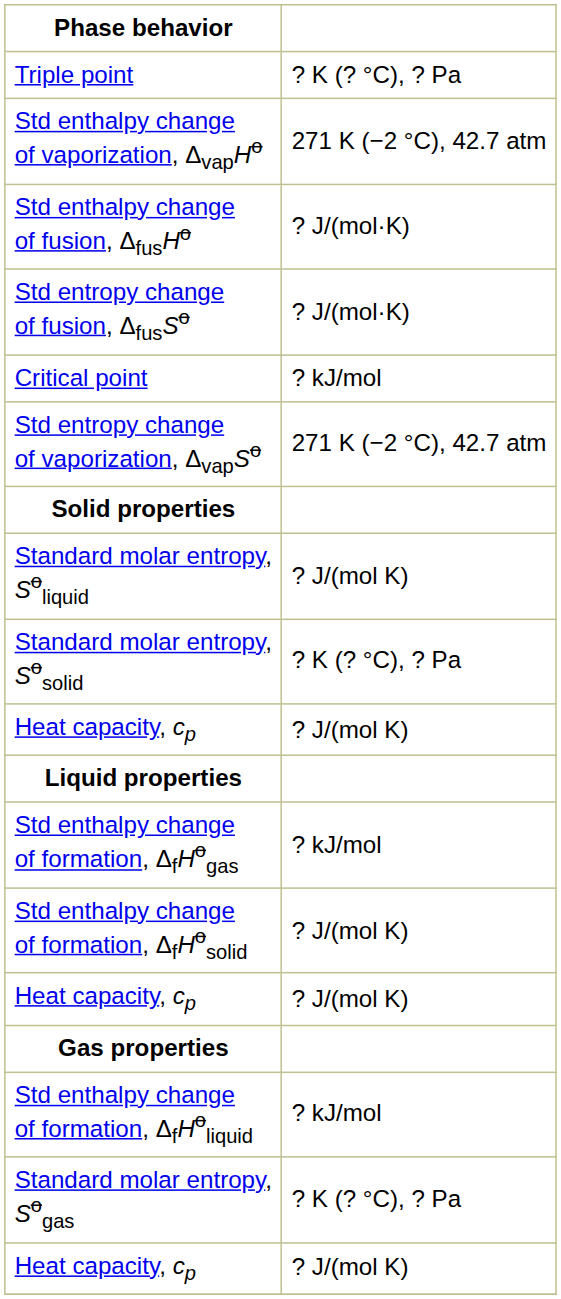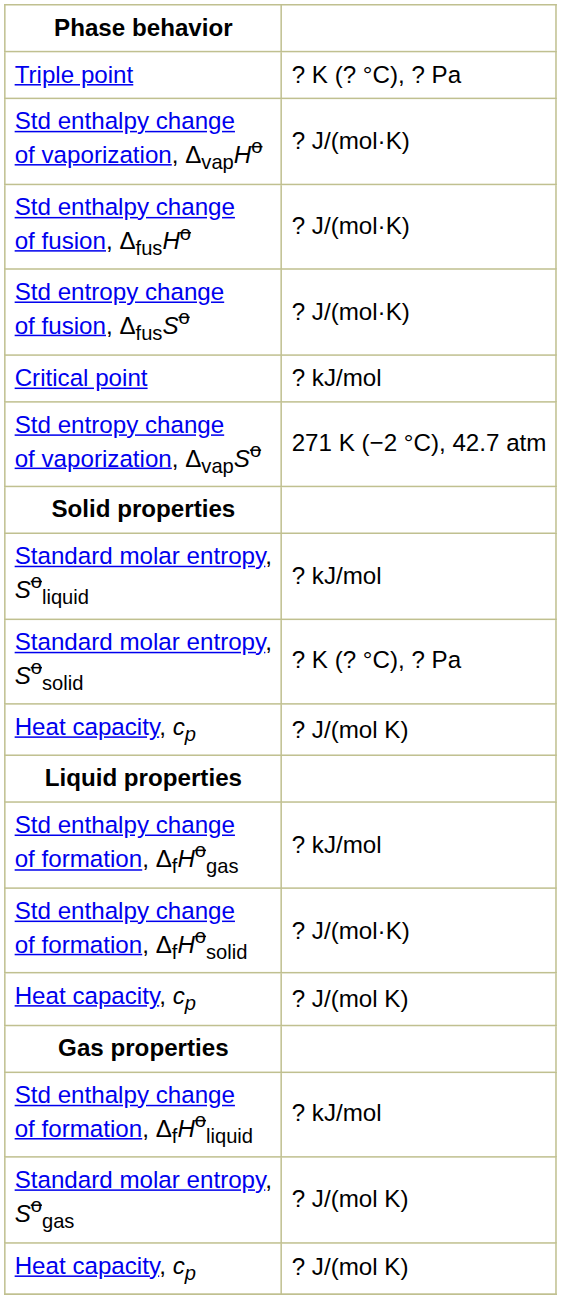 <table border="1" cellspacing="0" cellpadding="6" style="margin: 0 0 0 0.5em; background: #FFFFFF; border-collapse: collapse; border-color: #C0C090;">
 <tr>
 <th>Phase behavior</th>
 </tr>
 <tr>
 <td><a href='#'>Triple point</a></td>
 <td>? K (? °C), ? Pa</td>
 </tr>
 <tr>
 <td><a href='#'>Std enthalpy change<br>of vaporization</a>, Δ<sub>vap</sub><em>H</em><sup><s>o</s></sup></td>
-<td>271 K (−2 °C), 42.7 atm</td>
+<td>? J/(mol·K)</td>
 </tr>
 <tr>
 <td><a href='#'>Std enthalpy change<br>of fusion</a>, Δ<sub>fus</sub><em>H</em><sup><s>o</s></sup></td>
 <td>? J/(mol·K)</td>
 </tr>
 <tr>
 <td><a href='#'>Std entropy change<br>of fusion</a>, Δ<sub>fus</sub><em>S</em><sup><s>o</s></sup></td>
 <td>? J/(mol·K)</td>
 </tr>
 <tr>
 <td><a href='#'>Critical point</a></td>
 <td>? kJ/mol</td>
 </tr>
 <tr>
 <td><a href='#'>Std entropy change<br>of vaporization</a>, Δ<sub>vap</sub><em>S</em><sup><s>o</s></sup></td>
 <td>271 K (−2 °C), 42.7 atm</td>
 </tr>
 <tr>
 <th>Solid properties</th>
 </tr>
 <tr>
 <td><a href='#'>Standard molar entropy</a>,<br><em>S</em><sup><s>o</s></sup><sub>liquid</sub></td>
-<td>? J/(mol K)</td>
+<td>? kJ/mol</td>
 </tr>
 <tr>
 <td><a href='#'>Standard molar entropy</a>,<br><em>S</em><sup><s>o</s></sup><sub>solid</sub></td>
 <td>? K (? °C), ? Pa</td>
 </tr>
 <tr>
 <td><a href='#'>Heat capacity</a>, <em>c<sub>p</sub></em></td>
 <td>? J/(mol K)</td>
 </tr>
 <tr>
 <th>Liquid properties</th>
 </tr>
 <tr>
 <td><a href='#'>Std enthalpy change<br>of formation</a>, Δ<sub>f</sub><em>H</em><sup><s>o</s></sup><sub>gas</sub></td>
 <td>? kJ/mol</td>
 </tr>
 <tr>
 <td><a href='#'>Std enthalpy change<br>of formation</a>, Δ<sub>f</sub><em>H</em><sup><s>o</s></sup><sub>solid</sub></td>
-<td>? J/(mol K)</td>
+<td>? J/(mol·K)</td>
 </tr>
 <tr>
 <td><a href='#'>Heat capacity</a>, <em>c<sub>p</sub></em></td>
 <td>? J/(mol K)</td>
 </tr>
 <tr>
 <th>Gas properties</th>
 </tr>
 <tr>
 <td><a href='#'>Std enthalpy change<br>of formation</a>, Δ<sub>f</sub><em>H</em><sup><s>o</s></sup><sub>liquid</sub></td>
 <td>? kJ/mol</td>
 </tr>
 <tr>
 <td><a href='#'>Standard molar entropy</a>,<br><em>S</em><sup><s>o</s></sup><sub>gas</sub></td>
-<td>? K (? °C), ? Pa</td>
+<td>? J/(mol K)</td>
 </tr>
 <tr>
 <td><a href='#'>Heat capacity</a>, <em>c<sub>p</sub></em></td>
 <td>? J/(mol K)</td>
 </tr>
 <tr>
 </tr>
 </table>
